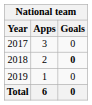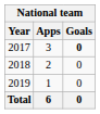 <table class="wikitable" style="text-align:center">
 <tr>
 <th colspan=3>National team</th>
 </tr>
 <tr>
 <th>Year</th>
 <th>Apps</th>
 <th>Goals</th>
 </tr>
 <tr>
 <td>2017</td>
 <td>3</td>
-<td>0</td>
+<td><strong>0</strong></td>
 </tr>
 <tr>
 <td>2018</td>
 <td>2</td>
-<td><strong>0</strong></td>
+<td>0</td>
 </tr>
 <tr>
 <td>2019</td>
 <td>1</td>
 <td>0</td>
 </tr>
 <tr>
 <th>Total</th>
 <th>6</th>
 <th>0</th>
 </tr>
 </table>
